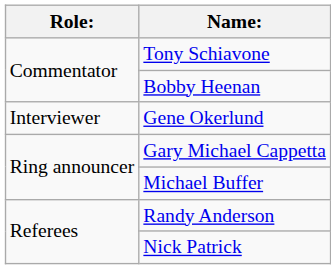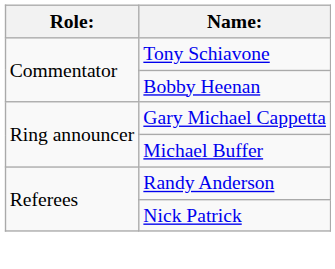 <table class=wikitable style="font-size:90%; margin: 0.5em 0 0.5em 1em; float: right; clear: right;">
 <tr>
 <th>Role:</th>
 <th>Name:</th>
 </tr>
 <tr>
 <td rowspan=2>Commentator</td>
 <td><a href='#'>Tony Schiavone</a></td>
 </tr>
 <tr>
 <td><a href='#'>Bobby Heenan</a></td>
-</tr>
-<tr>
-<td>Interviewer</td>
-<td><a href='#'>Gene Okerlund</a></td>
 </tr>
 <tr>
 <td rowspan=2>Ring announcer</td>
 <td><a href='#'>Gary Michael Cappetta</a></td>
 </tr>
 <tr>
 <td><a href='#'>Michael Buffer</a></td>
 </tr>
 <tr>
 <td rowspan=2>Referees</td>
 <td><a href='#'>Randy Anderson</a></td>
 </tr>
 <tr>
 <td><a href='#'>Nick Patrick</a></td>
 </tr>
 </table>
